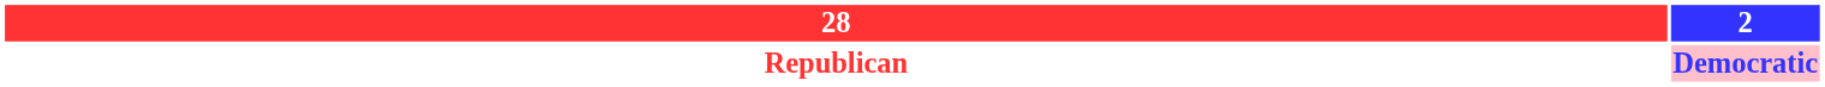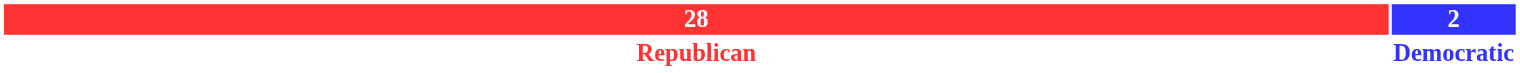 <table style="width:50%">
 <tr>
 <td scope="row" colspan="3" style="text-align:center"></td>
 </tr>
 <tr>
 <td scope="row" style="background:#F33; width:93.3%; text-align:center; color:white"><strong>28</strong></td>
 <td style="background:#33F; width:6.7%; text-align:center; color:white"><strong>2</strong></td>
 </tr>
 <tr>
 <td scope="row" style="text-align:center; color:#F33"><strong>Republican</strong></td>
-<td style="background: pink; text-align:center; color:#33F"><strong>Democratic</strong></td>
+<td style="text-align:center; color:#33F"><strong>Democratic</strong></td>
 </tr>
 </table>
